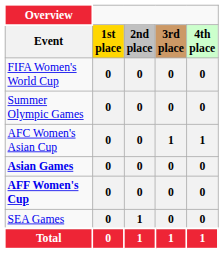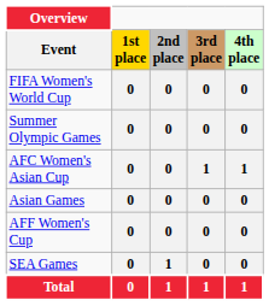 <table class="wikitable" style="width:30%; font-size:90%; text-align:center;">
 <tr>
 <th style="color:#FFFFFF; background:#EE2536; border:2px solid #FFFF; ">Overview</th>
 </tr>
 <tr>
 <th>Event</th>
 <th style="width:14%; background:gold;">1st place</th>
 <th style="width:14%; background:silver;">2nd place</th>
 <th style="width:14%; background:#c96;">3rd place</th>
 <th style="width:14%; background:#ccffcc;">4th place</th>
 </tr>
 <tr>
 <td align=left><a href='#'>FIFA Women's World Cup</a></td>
 <th>0</th>
 <th>0</th>
 <th>0</th>
 <th>0</th>
 </tr>
 <tr>
 <td align="left"><a href='#'>Summer Olympic Games</a></td>
 <th>0</th>
 <th>0</th>
 <th>0</th>
 <th>0</th>
 </tr>
 <tr>
 <td align=left><a href='#'>AFC Women's Asian Cup</a></td>
 <th>0</th>
 <th>0</th>
 <th>1</th>
 <th>1</th>
 </tr>
 <tr>
-<td align="left"><strong><a href='#'>Asian Games</a></strong></td>
+<td align="left"><a href='#'>Asian Games</a></td>
 <th>0</th>
 <th>0</th>
 <th>0</th>
 <th>0</th>
 </tr>
 <tr>
-<td align="left"><strong><a href='#'>AFF Women's Cup</a></strong></td>
+<td align="left"><a href='#'>AFF Women's Cup</a></td>
 <th>0</th>
 <th>0</th>
 <th>0</th>
 <th>0</th>
 </tr>
 <tr>
 <td align="left"><a href='#'>SEA Games</a></td>
 <th>0</th>
 <th>1</th>
 <th>0</th>
 <th>0</th>
 </tr>
 <tr>
 </tr>
 <tr style="background:silver">
 <th style="color:#FFFFFF; background:#EE2536; border:2px solid #FFFF; ">Total</th>
 <th style="color:#FFFFFF; background:#EE2536; border:2px solid #FFFF; ">0</th>
 <th style="color:#FFFFFF; background:#EE2536; border:2px solid #FFFF; ">1</th>
 <th style="color:#FFFFFF; background:#EE2536; border:2px solid #FFFF; ">1</th>
 <th style="color:#FFFFFF; background:#EE2536; border:2px solid #FFFF; ">1</th>
 </tr>
 </table>
